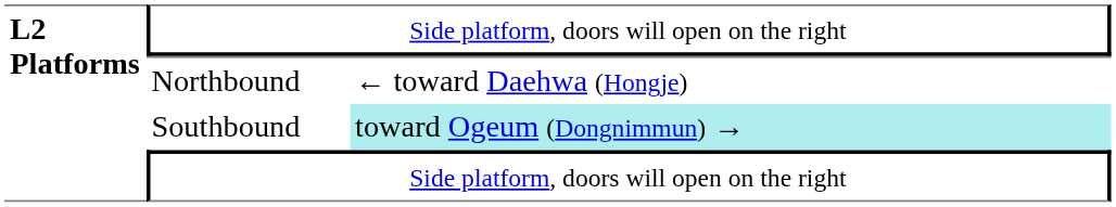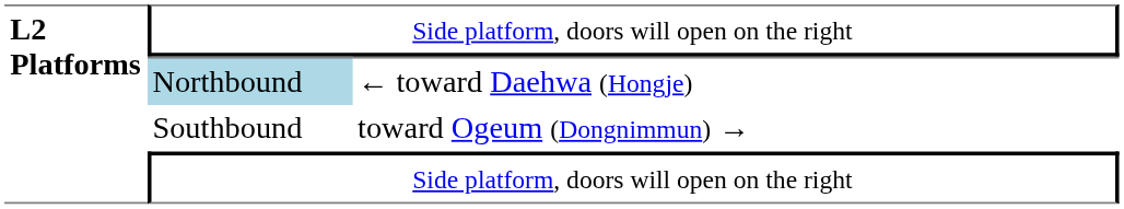 <table table border=0 cellspacing=0 cellpadding=3>
 <tr>
 <td style="border-top:solid 1px gray;border-bottom:solid 1px gray;" width=50 rowspan=10 valign=top><strong>L2<br>Platforms</strong></td>
 <td style="border-top:solid 1px gray;border-right:solid 2px black;border-left:solid 2px black;border-bottom:solid 2px black;text-align:center;" colspan=2><small><a href='#'>Side platform</a>, doors will open on the right</small></td>
 </tr>
 <tr>
-<td style="border-bottom:solid 0px gray;border-top:solid 1px gray;" width=100>Northbound</td>
+<td style="background: lightblue; border-bottom:solid 0px gray;border-top:solid 1px gray;" width=100>Northbound</td>
 <td style="border-bottom:solid 0px gray;border-top:solid 1px gray;" width=390>←  toward <a href='#'>Daehwa</a> <small>(<a href='#'>Hongje</a>)</small></td>
 </tr>
 <tr>
 <td>Southbound</td>
-<td style="background: paleturquoise;">  toward <a href='#'>Ogeum</a> <small>(<a href='#'>Dongnimmun</a>)</small> →</td>
+<td>  toward <a href='#'>Ogeum</a> <small>(<a href='#'>Dongnimmun</a>)</small> →</td>
 </tr>
 <tr>
 <td style="border-top:solid 2px black;border-right:solid 2px black;border-left:solid 2px black;border-bottom:solid 1px gray;text-align:center;" colspan=2><small><a href='#'>Side platform</a>, doors will open on the right</small></td>
 </tr>
 </table>
